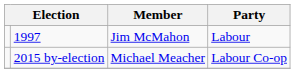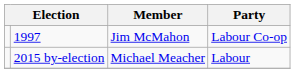 <table class="wikitable">
 <tr>
 <th colspan="2">Election</th>
 <th>Member</th>
 <th>Party</th>
 </tr>
 <tr>
 <td style="color:inherit;background-color: "></td>
 <td><a href='#'>1997</a></td>
 <td><a href='#'>Jim McMahon</a></td>
-<td><a href='#'>Labour</a></td>
+<td><a href='#'>Labour Co-op</a></td>
 </tr>
 <tr>
 <td style="color:inherit;background-color: "></td>
 <td><a href='#'>2015 by-election</a></td>
 <td><a href='#'>Michael Meacher</a></td>
-<td><a href='#'>Labour Co-op</a></td>
+<td><a href='#'>Labour</a></td>
 </tr>
 <tr>
 </tr>
 </table>
